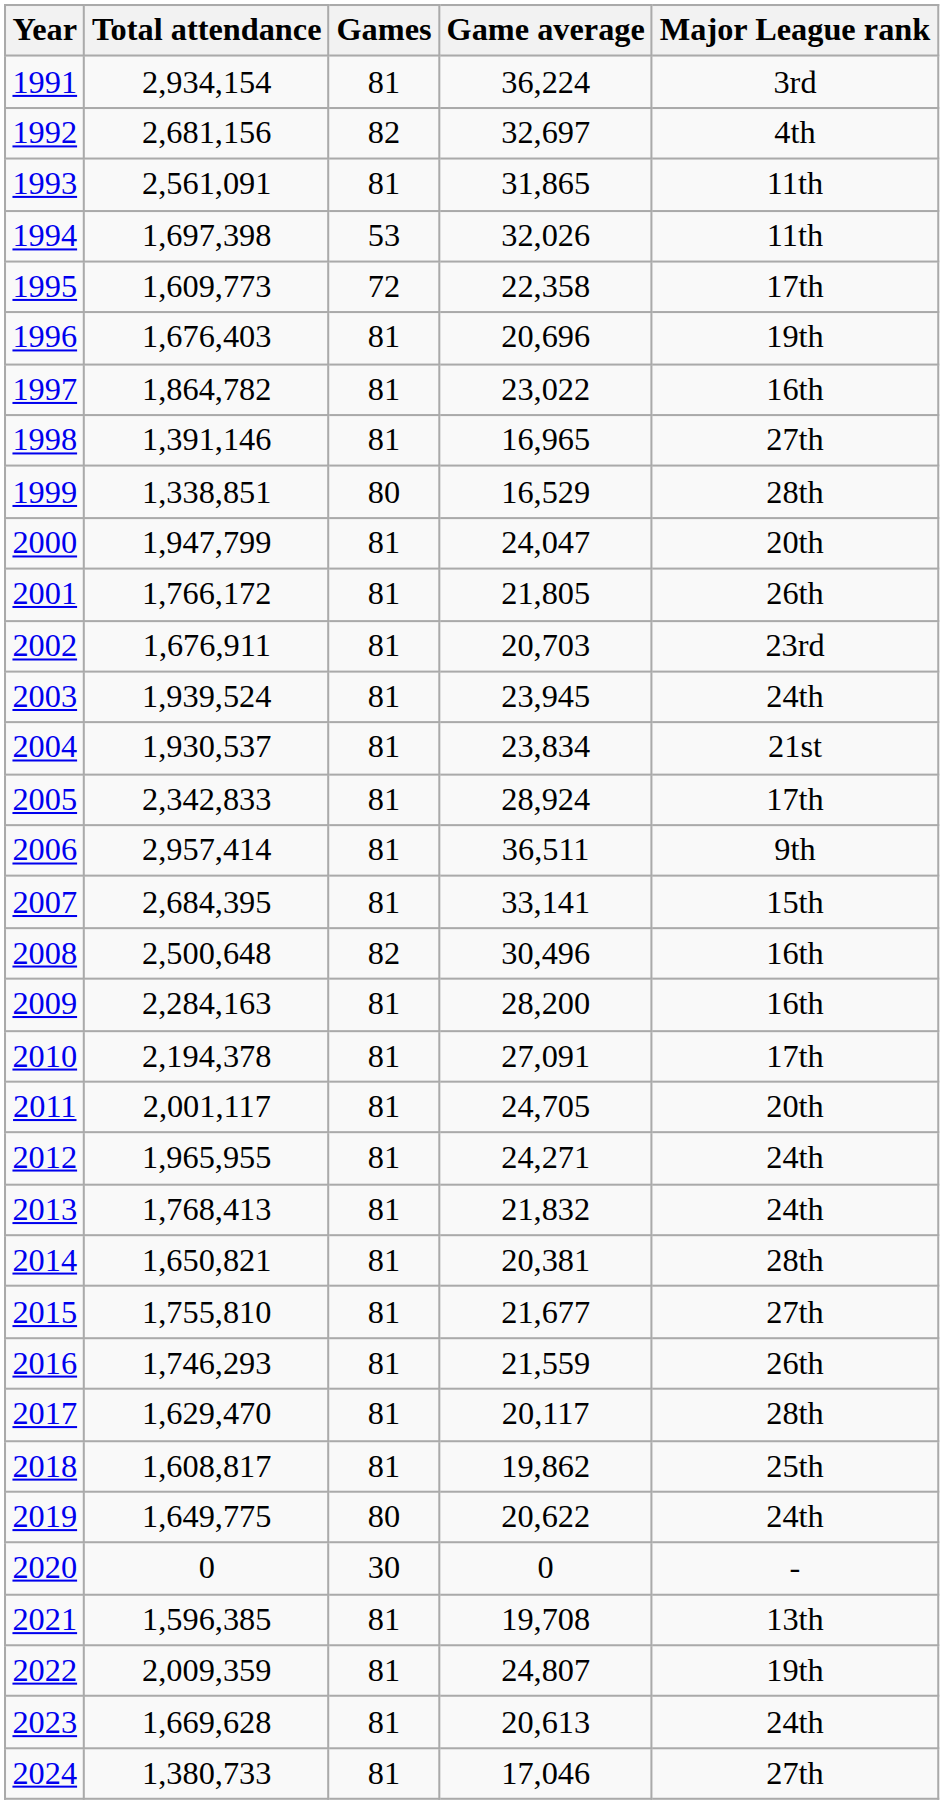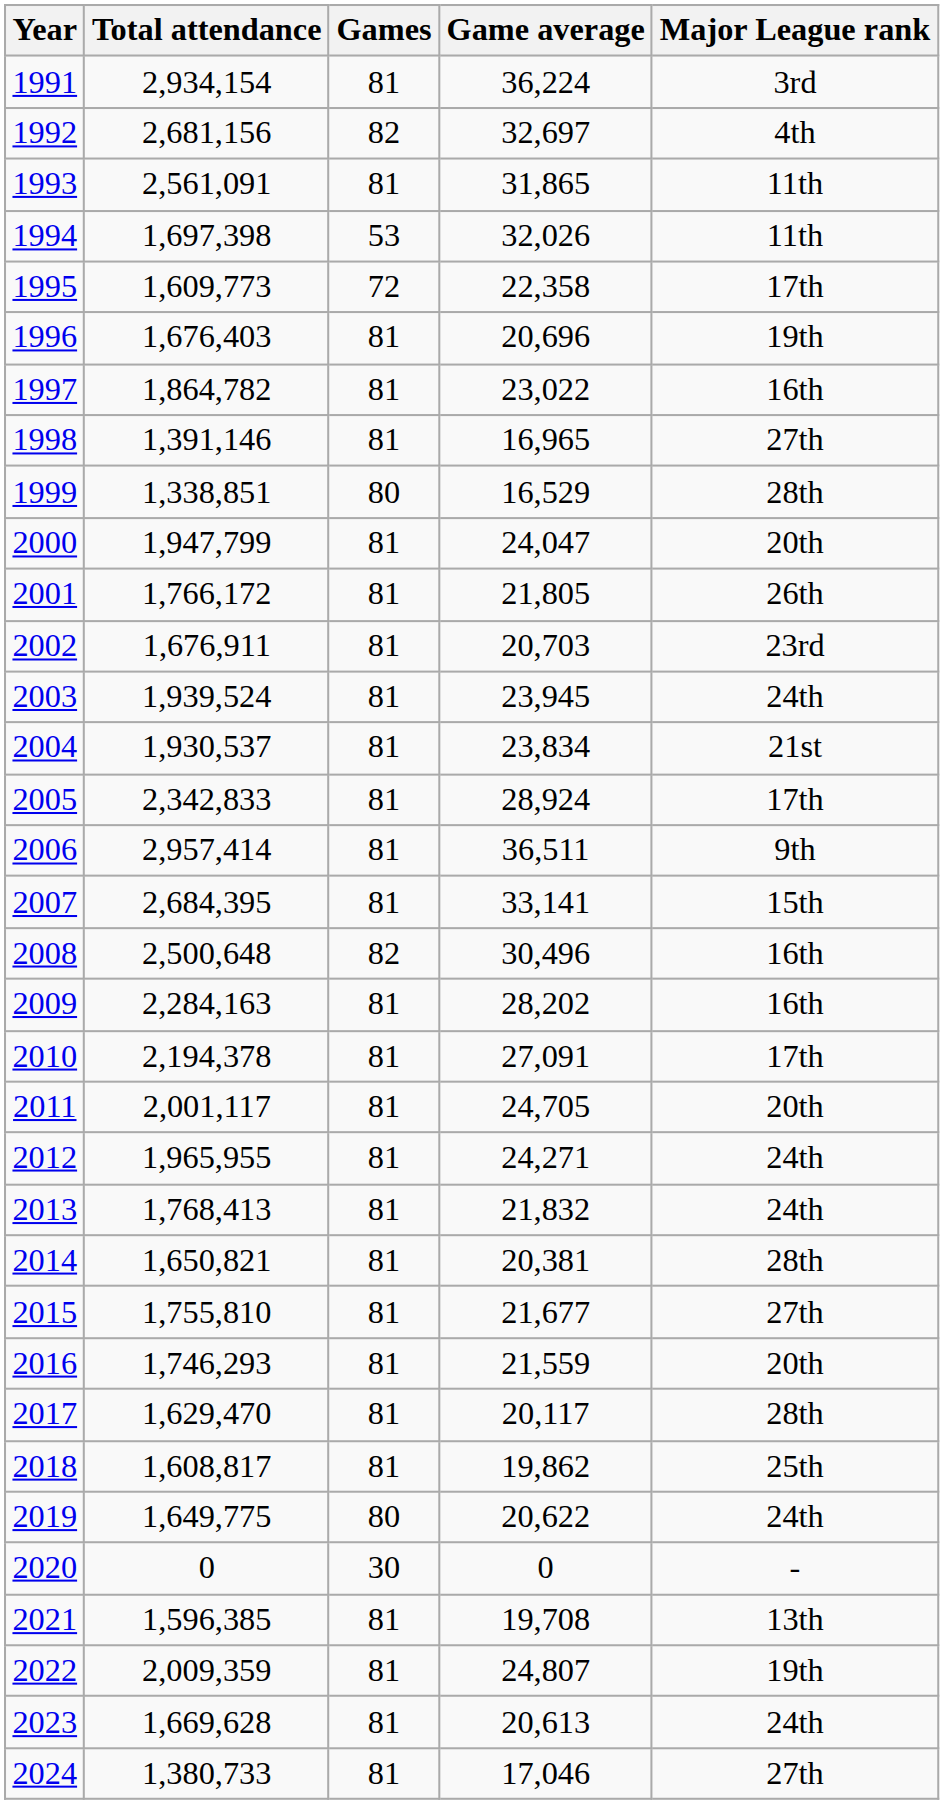 <table class="wikitable sortable" style="text-align:center">
 <tr>
 <th>Year</th>
 <th>Total attendance</th>
 <th>Games</th>
 <th>Game average</th>
 <th>Major League rank</th>
 </tr>
 <tr>
 <td><a href='#'>1991</a></td>
 <td>2,934,154</td>
 <td>81</td>
 <td>36,224</td>
 <td>3rd</td>
 </tr>
 <tr>
 <td><a href='#'>1992</a></td>
 <td>2,681,156</td>
 <td>82</td>
 <td>32,697</td>
 <td>4th</td>
 </tr>
 <tr>
 <td><a href='#'>1993</a></td>
 <td>2,561,091</td>
 <td>81</td>
 <td>31,865</td>
 <td>11th</td>
 </tr>
 <tr>
 <td><a href='#'>1994</a></td>
 <td>1,697,398</td>
 <td>53</td>
 <td>32,026</td>
 <td>11th</td>
 </tr>
 <tr>
 <td><a href='#'>1995</a></td>
 <td>1,609,773</td>
 <td>72</td>
 <td>22,358</td>
 <td>17th</td>
 </tr>
 <tr>
 <td><a href='#'>1996</a></td>
 <td>1,676,403</td>
 <td>81</td>
 <td>20,696</td>
 <td>19th</td>
 </tr>
 <tr>
 <td><a href='#'>1997</a></td>
 <td>1,864,782</td>
 <td>81</td>
 <td>23,022</td>
 <td>16th</td>
 </tr>
 <tr>
 <td><a href='#'>1998</a></td>
 <td>1,391,146</td>
 <td>81</td>
 <td>16,965</td>
 <td>27th</td>
 </tr>
 <tr>
 <td><a href='#'>1999</a></td>
 <td>1,338,851</td>
 <td>80</td>
 <td>16,529</td>
 <td>28th</td>
 </tr>
 <tr>
 <td><a href='#'>2000</a></td>
 <td>1,947,799</td>
 <td>81</td>
 <td>24,047</td>
 <td>20th</td>
 </tr>
 <tr>
 <td><a href='#'>2001</a></td>
 <td>1,766,172</td>
 <td>81</td>
 <td>21,805</td>
 <td>26th</td>
 </tr>
 <tr>
 <td><a href='#'>2002</a></td>
 <td>1,676,911</td>
 <td>81</td>
 <td>20,703</td>
 <td>23rd</td>
 </tr>
 <tr>
 <td><a href='#'>2003</a></td>
 <td>1,939,524</td>
 <td>81</td>
 <td>23,945</td>
 <td>24th</td>
 </tr>
 <tr>
 <td><a href='#'>2004</a></td>
 <td>1,930,537</td>
 <td>81</td>
 <td>23,834</td>
 <td>21st</td>
 </tr>
 <tr>
 <td><a href='#'>2005</a></td>
 <td>2,342,833</td>
 <td>81</td>
 <td>28,924</td>
 <td>17th</td>
 </tr>
 <tr>
 <td><a href='#'>2006</a></td>
 <td>2,957,414</td>
 <td>81</td>
 <td>36,511</td>
 <td>9th</td>
 </tr>
 <tr>
 <td><a href='#'>2007</a></td>
 <td>2,684,395</td>
 <td>81</td>
 <td>33,141</td>
 <td>15th</td>
 </tr>
 <tr>
 <td><a href='#'>2008</a></td>
 <td>2,500,648</td>
 <td>82</td>
 <td>30,496</td>
 <td>16th</td>
 </tr>
 <tr>
 <td><a href='#'>2009</a></td>
 <td>2,284,163</td>
 <td>81</td>
-<td>28,200</td>
+<td>28,202</td>
 <td>16th</td>
 </tr>
 <tr>
 <td><a href='#'>2010</a></td>
 <td>2,194,378</td>
 <td>81</td>
 <td>27,091</td>
 <td>17th</td>
 </tr>
 <tr>
 <td><a href='#'>2011</a></td>
 <td>2,001,117</td>
 <td>81</td>
 <td>24,705</td>
 <td>20th</td>
 </tr>
 <tr>
 <td><a href='#'>2012</a></td>
 <td>1,965,955</td>
 <td>81</td>
 <td>24,271</td>
 <td>24th</td>
 </tr>
 <tr>
 <td><a href='#'>2013</a></td>
 <td>1,768,413</td>
 <td>81</td>
 <td>21,832</td>
 <td>24th</td>
 </tr>
 <tr>
 <td><a href='#'>2014</a></td>
 <td>1,650,821</td>
 <td>81</td>
 <td>20,381</td>
 <td>28th</td>
 </tr>
 <tr>
 <td><a href='#'>2015</a></td>
 <td>1,755,810</td>
 <td>81</td>
 <td>21,677</td>
 <td>27th</td>
 </tr>
 <tr>
 <td><a href='#'>2016</a></td>
 <td>1,746,293</td>
 <td>81</td>
 <td>21,559</td>
-<td>26th</td>
+<td>20th</td>
 </tr>
 <tr>
 <td><a href='#'>2017</a></td>
 <td>1,629,470</td>
 <td>81</td>
 <td>20,117</td>
 <td>28th</td>
 </tr>
 <tr>
 <td><a href='#'>2018</a></td>
 <td>1,608,817</td>
 <td>81</td>
 <td>19,862</td>
 <td>25th</td>
 </tr>
 <tr>
 <td><a href='#'>2019</a></td>
 <td>1,649,775</td>
 <td>80</td>
 <td>20,622</td>
 <td>24th</td>
 </tr>
 <tr>
 <td><a href='#'>2020</a></td>
 <td>0</td>
 <td>30</td>
 <td>0</td>
 <td>-</td>
 </tr>
 <tr>
 <td><a href='#'>2021</a></td>
 <td>1,596,385</td>
 <td>81</td>
 <td>19,708</td>
 <td>13th</td>
 </tr>
 <tr>
 <td><a href='#'>2022</a></td>
 <td>2,009,359</td>
 <td>81</td>
 <td>24,807</td>
 <td>19th</td>
 </tr>
 <tr>
 <td><a href='#'>2023</a></td>
 <td>1,669,628</td>
 <td>81</td>
 <td>20,613</td>
 <td>24th</td>
 </tr>
 <tr>
 <td><a href='#'>2024</a></td>
 <td>1,380,733</td>
 <td>81</td>
 <td>17,046</td>
 <td>27th</td>
 </tr>
 </table>
